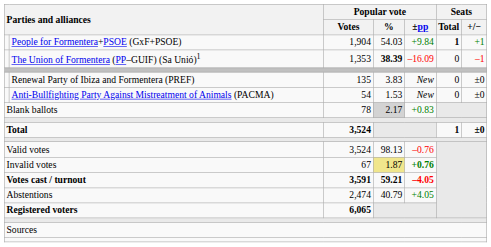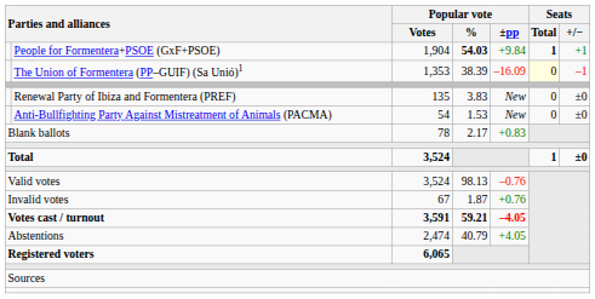 <table class="wikitable" style="text-align:right;">
 <tr>
 <th style="text-align:left;" rowspan="2" colspan="2" width="525">Parties and alliances</th>
 <th colspan="3">Popular vote</th>
 <th colspan="2">Seats</th>
 </tr>
 <tr>
 <th width="75">Votes</th>
 <th width="45">%</th>
 <th width="45">±<a href='#'>pp</a></th>
 <th width="35">Total</th>
 <th width="35">+/−</th>
 </tr>
 <tr>
 <td width="1" style="color:inherit;background:"></td>
 <td align="left"><a href='#'>People for Formentera</a>+<a href='#'>PSOE</a> (GxF+PSOE)</td>
 <td>1,904</td>
-<td>54.03</td>
+<td><strong>54.03</strong></td>
 <td style="color:green;">+9.84</td>
 <td><strong>1</strong></td>
 <td style="color:green;">+1</td>
 </tr>
 <tr>
 <td style="color:inherit;background:"></td>
 <td align="left"><a href='#'>The Union of Formentera</a> (<a href='#'>PP</a>–GUIF) (Sa Unió)<sup>1</sup></td>
 <td>1,353</td>
-<td><strong>38.39</strong></td>
+<td>38.39</td>
 <td style="color:red;">–16.09</td>
-<td>0</td>
+<td style="background: lightyellow;">0</td>
 <td style="color:red;">–1</td>
 </tr>
 <tr>
 <td colspan="7" bgcolor="#C0C0C0"></td>
 </tr>
 <tr>
 <td style="color:inherit;background:"></td>
 <td align="left">Renewal Party of Ibiza and Formentera (PREF)</td>
 <td>135</td>
 <td>3.83</td>
 <td><em>New</em></td>
 <td>0</td>
 <td>±0</td>
 </tr>
 <tr>
 <td style="color:inherit;background:"></td>
 <td align="left"><a href='#'>Anti-Bullfighting Party Against Mistreatment of Animals</a> (PACMA)</td>
 <td>54</td>
 <td>1.53</td>
 <td><em>New</em></td>
 <td>0</td>
 <td>±0</td>
 </tr>
 <tr>
 <td align="left" colspan="2">Blank ballots</td>
 <td>78</td>
-<td style="background: lightgrey;">2.17</td>
+<td>2.17</td>
 <td style="color:green;">+0.83</td>
 <td bgcolor="#E9E9E9" colspan="2"></td>
 </tr>
 <tr>
 <td colspan="7" bgcolor="#E9E9E9"></td>
 </tr>
 <tr style="font-weight:bold;">
 <td align="left" colspan="2">Total</td>
 <td>3,524</td>
 <td bgcolor="#E9E9E9" colspan="2"></td>
 <td>1</td>
 <td>±0</td>
 </tr>
 <tr>
 <td colspan="7" bgcolor="#E9E9E9"></td>
 </tr>
 <tr>
 <td align="left" colspan="2">Valid votes</td>
 <td>3,524</td>
 <td>98.13</td>
 <td style="color:red;">–0.76</td>
 <td bgcolor="#E9E9E9" colspan="2" rowspan="5"></td>
 </tr>
 <tr>
 <td align="left" colspan="2">Invalid votes</td>
 <td>67</td>
-<td style="background: khaki;">1.87</td>
-<td style="color:green;"><strong>+0.76</strong></td>
+<td>1.87</td>
+<td style="color:green;">+0.76</td>
 </tr>
 <tr style="font-weight:bold;">
 <td align="left" colspan="2">Votes cast / turnout</td>
 <td>3,591</td>
 <td>59.21</td>
 <td style="color:red;">–4.05</td>
 </tr>
 <tr>
 <td align="left" colspan="2">Abstentions</td>
 <td>2,474</td>
 <td>40.79</td>
 <td style="color:green;">+4.05</td>
 </tr>
 <tr style="font-weight:bold;">
 <td align="left" colspan="2">Registered voters</td>
 <td>6,065</td>
 <td bgcolor="#E9E9E9" colspan="2"></td>
 </tr>
 <tr>
 <td colspan="7" bgcolor="#E9E9E9"></td>
 </tr>
 <tr>
 <td align="left" colspan="7">Sources</td>
 </tr>
 <tr>
 <td colspan="7" style="text-align:left; max-width:790px;"></td>
 </tr>
 </table>
